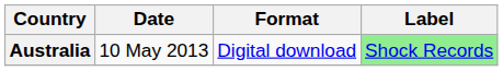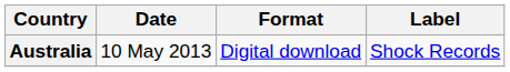 <table class="wikitable plainrowheaders">
 <tr>
 <th scope="col">Country</th>
 <th scope="col">Date</th>
 <th scope="col">Format</th>
 <th scope="col">Label</th>
 </tr>
 <tr>
 <th scope="row">Australia</th>
 <td>10 May 2013</td>
 <td><a href='#'>Digital download</a></td>
-<td style="background: lightgreen;"><a href='#'>Shock Records</a></td>
+<td><a href='#'>Shock Records</a></td>
 </tr>
 <tr>
 </tr>
 </table>
